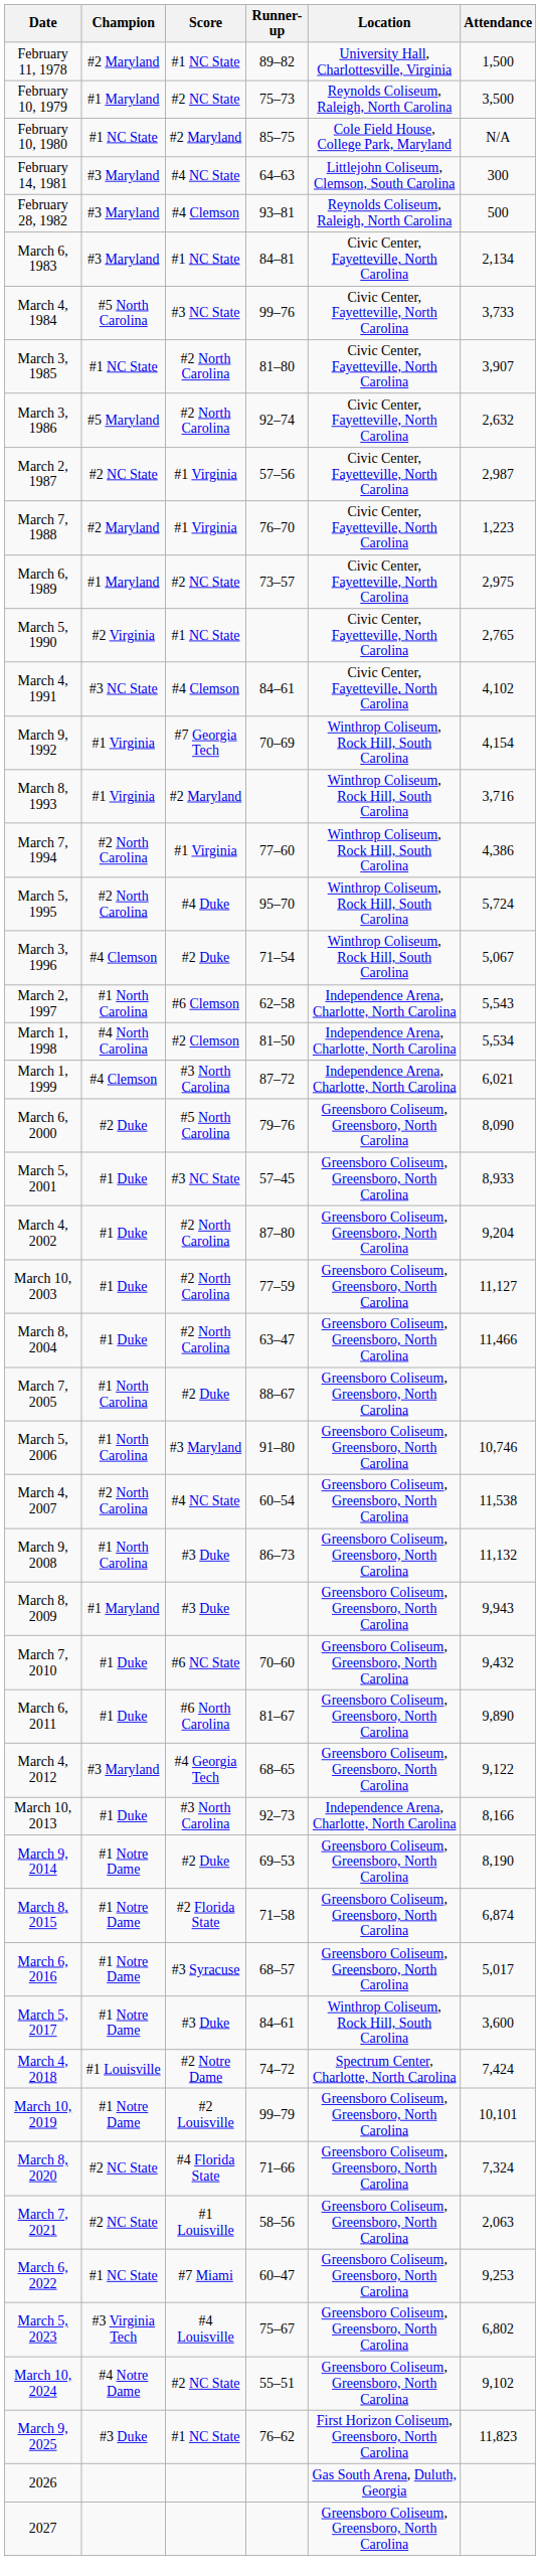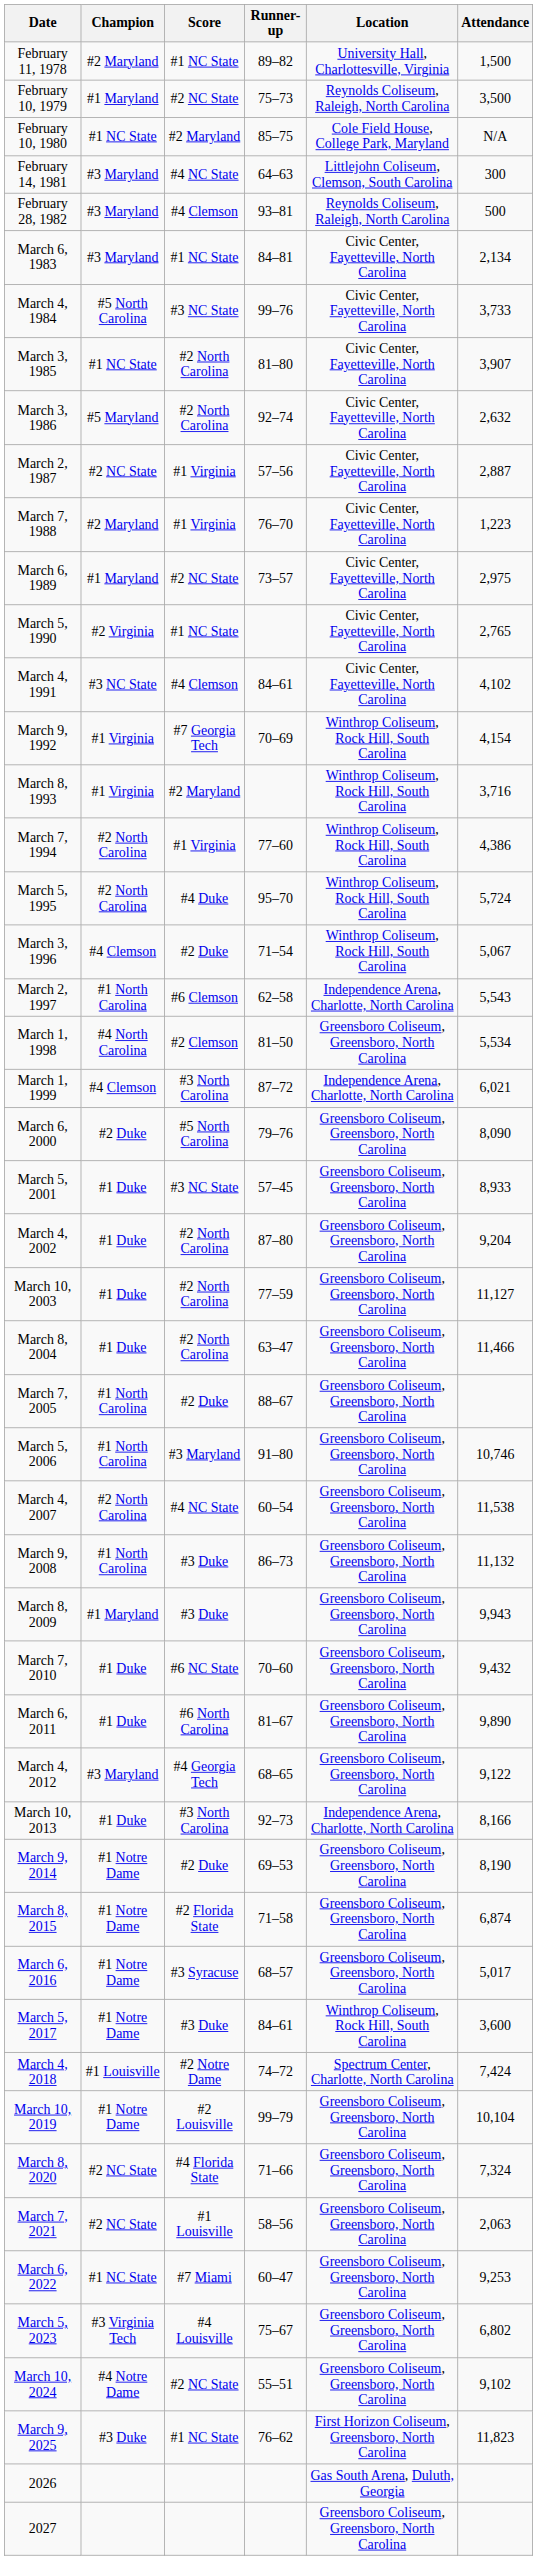 <table class="wikitable sortable" style="text-align:center">
 <tr>
 <th width=px>Date</th>
 <th width=px>Champion</th>
 <th width=px>Score</th>
 <th width=px>Runner-up</th>
 <th width=px>Location</th>
 <th width=px>Attendance</th>
 </tr>
 <tr>
 <td>February 11, 1978</td>
 <td>#2 <a href='#'>Maryland</a></td>
 <td>#1 <a href='#'>NC State</a></td>
 <td>89–82</td>
 <td><a href='#'>University Hall</a>, <br><a href='#'>Charlottesville, Virginia</a></td>
 <td>1,500</td>
 </tr>
 <tr>
 <td>February 10, 1979</td>
 <td>#1 <a href='#'>Maryland</a></td>
 <td>#2 <a href='#'>NC State</a></td>
 <td>75–73</td>
 <td><a href='#'>Reynolds Coliseum</a>, <br><a href='#'>Raleigh, North Carolina</a></td>
 <td>3,500</td>
 </tr>
 <tr>
 <td>February 10, 1980</td>
 <td>#1 <a href='#'>NC State</a></td>
 <td>#2 <a href='#'>Maryland</a></td>
 <td>85–75</td>
 <td><a href='#'>Cole Field House</a>,<br> <a href='#'>College Park, Maryland</a></td>
 <td>N/A</td>
 </tr>
 <tr>
 <td>February 14, 1981</td>
 <td>#3 <a href='#'>Maryland</a></td>
 <td>#4 <a href='#'>NC State</a></td>
 <td>64–63</td>
 <td><a href='#'>Littlejohn Coliseum</a>,<br> <a href='#'>Clemson, South Carolina</a></td>
 <td>300</td>
 </tr>
 <tr>
 <td>February 28, 1982</td>
 <td>#3 <a href='#'>Maryland</a></td>
 <td>#4 <a href='#'>Clemson</a></td>
 <td>93–81</td>
 <td><a href='#'>Reynolds Coliseum</a>, <br><a href='#'>Raleigh, North Carolina</a></td>
 <td>500</td>
 </tr>
 <tr>
 <td>March 6, 1983</td>
 <td>#3 <a href='#'>Maryland</a></td>
 <td>#1 <a href='#'>NC State</a></td>
 <td>84–81</td>
 <td>Civic Center, <br><a href='#'>Fayetteville, North Carolina</a></td>
 <td>2,134</td>
 </tr>
 <tr>
 <td>March 4, 1984</td>
 <td>#5 <a href='#'>North Carolina</a></td>
 <td>#3 <a href='#'>NC State</a></td>
 <td>99–76</td>
 <td>Civic Center, <br><a href='#'>Fayetteville, North Carolina</a></td>
 <td>3,733</td>
 </tr>
 <tr>
 <td>March 3, 1985</td>
 <td>#1 <a href='#'>NC State</a></td>
 <td>#2 <a href='#'>North Carolina</a></td>
 <td>81–80</td>
 <td>Civic Center,<br> <a href='#'>Fayetteville, North Carolina</a></td>
 <td>3,907</td>
 </tr>
 <tr>
 <td>March 3, 1986</td>
 <td>#5 <a href='#'>Maryland</a></td>
 <td>#2 <a href='#'>North Carolina</a></td>
 <td>92–74</td>
 <td>Civic Center,<br> <a href='#'>Fayetteville, North Carolina</a></td>
 <td>2,632</td>
 </tr>
 <tr>
 <td>March 2, 1987</td>
 <td>#2 <a href='#'>NC State</a></td>
 <td>#1 <a href='#'>Virginia</a></td>
 <td>57–56</td>
 <td>Civic Center,<br> <a href='#'>Fayetteville, North Carolina</a></td>
-<td>2,987</td>
+<td>2,887</td>
 </tr>
 <tr>
 <td>March 7, 1988</td>
 <td>#2 <a href='#'>Maryland</a></td>
 <td>#1 <a href='#'>Virginia</a></td>
 <td>76–70</td>
 <td>Civic Center, <br><a href='#'>Fayetteville, North Carolina</a></td>
 <td>1,223</td>
 </tr>
 <tr>
 <td>March 6, 1989</td>
 <td>#1 <a href='#'>Maryland</a></td>
 <td>#2 <a href='#'>NC State</a></td>
 <td>73–57</td>
 <td>Civic Center,<br> <a href='#'>Fayetteville, North Carolina</a></td>
 <td>2,975</td>
 </tr>
 <tr>
 <td>March 5, 1990</td>
 <td>#2 <a href='#'>Virginia</a></td>
 <td>#1 <a href='#'>NC State</a></td>
 <td></td>
 <td>Civic Center, <br><a href='#'>Fayetteville, North Carolina</a></td>
 <td>2,765</td>
 </tr>
 <tr>
 <td>March 4, 1991</td>
 <td>#3 <a href='#'>NC State</a></td>
 <td>#4 <a href='#'>Clemson</a></td>
 <td>84–61</td>
 <td>Civic Center,<br> <a href='#'>Fayetteville, North Carolina</a></td>
 <td>4,102</td>
 </tr>
 <tr>
 <td>March 9, 1992</td>
 <td>#1 <a href='#'>Virginia</a></td>
 <td>#7 <a href='#'>Georgia Tech</a></td>
 <td>70–69</td>
 <td><a href='#'>Winthrop Coliseum</a>, <br><a href='#'>Rock Hill, South Carolina</a></td>
 <td>4,154</td>
 </tr>
 <tr>
 <td>March 8, 1993</td>
 <td>#1 <a href='#'>Virginia</a></td>
 <td>#2 <a href='#'>Maryland</a></td>
 <td></td>
 <td><a href='#'>Winthrop Coliseum</a>, <br><a href='#'>Rock Hill, South Carolina</a></td>
 <td>3,716</td>
 </tr>
 <tr>
 <td>March 7, 1994</td>
 <td>#2 <a href='#'>North Carolina</a></td>
 <td>#1 <a href='#'>Virginia</a></td>
 <td>77–60</td>
 <td><a href='#'>Winthrop Coliseum</a>, <br><a href='#'>Rock Hill, South Carolina</a></td>
 <td>4,386</td>
 </tr>
 <tr>
 <td>March 5, 1995</td>
 <td>#2 <a href='#'>North Carolina</a></td>
 <td>#4 <a href='#'>Duke</a></td>
 <td>95–70</td>
 <td><a href='#'>Winthrop Coliseum</a>, <br><a href='#'>Rock Hill, South Carolina</a></td>
 <td>5,724</td>
 </tr>
 <tr>
 <td>March 3, 1996</td>
 <td>#4 <a href='#'>Clemson</a></td>
 <td>#2 <a href='#'>Duke</a></td>
 <td>71–54</td>
 <td><a href='#'>Winthrop Coliseum</a>,<br> <a href='#'>Rock Hill, South Carolina</a></td>
 <td>5,067</td>
 </tr>
 <tr>
 <td>March 2, 1997</td>
 <td>#1 <a href='#'>North Carolina</a></td>
 <td>#6 <a href='#'>Clemson</a></td>
 <td>62–58</td>
 <td><a href='#'>Independence Arena</a>, <br><a href='#'>Charlotte, North Carolina</a></td>
 <td>5,543</td>
 </tr>
 <tr>
 <td>March 1, 1998</td>
 <td>#4 <a href='#'>North Carolina</a></td>
 <td>#2 <a href='#'>Clemson</a></td>
 <td>81–50</td>
-<td><a href='#'>Independence Arena</a>,<br> <a href='#'>Charlotte, North Carolina</a></td>
+<td><a href='#'>Greensboro Coliseum</a>,<br><a href='#'>Greensboro, North Carolina</a></td>
 <td>5,534</td>
 </tr>
 <tr>
 <td>March 1, 1999</td>
 <td>#4 <a href='#'>Clemson</a></td>
 <td>#3 <a href='#'>North Carolina</a></td>
 <td>87–72</td>
 <td><a href='#'>Independence Arena</a>,<br><a href='#'>Charlotte, North Carolina</a></td>
 <td>6,021</td>
 </tr>
 <tr>
 <td>March 6, 2000</td>
 <td>#2 <a href='#'>Duke</a></td>
 <td>#5 <a href='#'>North Carolina</a></td>
 <td>79–76</td>
 <td><a href='#'>Greensboro Coliseum</a>,<br><a href='#'>Greensboro, North Carolina</a></td>
 <td>8,090</td>
 </tr>
 <tr>
 <td>March 5, 2001</td>
 <td>#1 <a href='#'>Duke</a></td>
 <td>#3 <a href='#'>NC State</a></td>
 <td>57–45</td>
 <td><a href='#'>Greensboro Coliseum</a>,<br><a href='#'>Greensboro, North Carolina</a></td>
 <td>8,933</td>
 </tr>
 <tr>
 <td>March 4, 2002</td>
 <td>#1 <a href='#'>Duke</a></td>
 <td>#2 <a href='#'>North Carolina</a></td>
 <td>87–80</td>
 <td><a href='#'>Greensboro Coliseum</a>,<br><a href='#'>Greensboro, North Carolina</a></td>
 <td>9,204</td>
 </tr>
 <tr>
 <td>March 10, 2003</td>
 <td>#1 <a href='#'>Duke</a></td>
 <td>#2 <a href='#'>North Carolina</a></td>
 <td>77–59</td>
 <td><a href='#'>Greensboro Coliseum</a>,<br><a href='#'>Greensboro, North Carolina</a></td>
 <td>11,127</td>
 </tr>
 <tr>
 <td>March 8, 2004</td>
 <td>#1 <a href='#'>Duke</a></td>
 <td>#2 <a href='#'>North Carolina</a></td>
 <td>63–47</td>
 <td><a href='#'>Greensboro Coliseum</a>,<br><a href='#'>Greensboro, North Carolina</a></td>
 <td>11,466</td>
 </tr>
 <tr>
 <td>March 7, 2005</td>
 <td>#1 <a href='#'>North Carolina</a></td>
 <td>#2 <a href='#'>Duke</a></td>
 <td>88–67</td>
 <td><a href='#'>Greensboro Coliseum</a>,<br><a href='#'>Greensboro, North Carolina</a></td>
 <td></td>
 </tr>
 <tr>
 <td>March 5, 2006</td>
 <td>#1 <a href='#'>North Carolina</a></td>
 <td>#3 <a href='#'>Maryland</a></td>
 <td>91–80</td>
 <td><a href='#'>Greensboro Coliseum</a>,<br><a href='#'>Greensboro, North Carolina</a></td>
 <td>10,746</td>
 </tr>
 <tr>
 <td>March 4, 2007</td>
 <td>#2 <a href='#'>North Carolina</a></td>
 <td>#4 <a href='#'>NC State</a></td>
 <td>60–54</td>
 <td><a href='#'>Greensboro Coliseum</a>,<br><a href='#'>Greensboro, North Carolina</a></td>
 <td>11,538</td>
 </tr>
 <tr>
 <td>March 9, 2008</td>
 <td>#1 <a href='#'>North Carolina</a></td>
 <td>#3 <a href='#'>Duke</a></td>
 <td>86–73</td>
 <td><a href='#'>Greensboro Coliseum</a>,<br><a href='#'>Greensboro, North Carolina</a></td>
 <td>11,132</td>
 </tr>
 <tr>
 <td>March 8, 2009</td>
 <td>#1 <a href='#'>Maryland</a></td>
 <td>#3 <a href='#'>Duke</a></td>
 <td></td>
 <td><a href='#'>Greensboro Coliseum</a>,<br><a href='#'>Greensboro, North Carolina</a></td>
 <td>9,943</td>
 </tr>
 <tr>
 <td>March 7, 2010</td>
 <td>#1 <a href='#'>Duke</a></td>
 <td>#6 <a href='#'>NC State</a></td>
 <td>70–60</td>
 <td><a href='#'>Greensboro Coliseum</a>,<br><a href='#'>Greensboro, North Carolina</a></td>
 <td>9,432</td>
 </tr>
 <tr>
 <td>March 6, 2011</td>
 <td>#1 <a href='#'>Duke</a></td>
 <td>#6 <a href='#'>North Carolina</a></td>
 <td>81–67</td>
 <td><a href='#'>Greensboro Coliseum</a>,<br><a href='#'>Greensboro, North Carolina</a></td>
 <td>9,890</td>
 </tr>
 <tr>
 <td>March 4, 2012</td>
 <td>#3 <a href='#'>Maryland</a></td>
 <td>#4 <a href='#'>Georgia Tech</a></td>
 <td>68–65</td>
 <td><a href='#'>Greensboro Coliseum</a>,<br><a href='#'>Greensboro, North Carolina</a></td>
 <td>9,122</td>
 </tr>
 <tr>
 <td>March 10, 2013</td>
 <td>#1 <a href='#'>Duke</a></td>
 <td>#3 <a href='#'>North Carolina</a></td>
 <td>92–73</td>
 <td><a href='#'>Independence Arena</a>,<br><a href='#'>Charlotte, North Carolina</a></td>
 <td>8,166</td>
 </tr>
 <tr>
 <td><a href='#'>March 9, 2014</a></td>
 <td>#1 <a href='#'>Notre Dame</a></td>
 <td>#2 <a href='#'>Duke</a></td>
 <td>69–53</td>
 <td><a href='#'>Greensboro Coliseum</a>,<br><a href='#'>Greensboro, North Carolina</a></td>
 <td>8,190</td>
 </tr>
 <tr>
 <td><a href='#'>March 8, 2015</a></td>
 <td>#1 <a href='#'>Notre Dame</a></td>
 <td>#2 <a href='#'>Florida State</a></td>
 <td>71–58</td>
 <td><a href='#'>Greensboro Coliseum</a>,<br><a href='#'>Greensboro, North Carolina</a></td>
 <td>6,874</td>
 </tr>
 <tr>
 <td><a href='#'>March 6, 2016</a></td>
 <td>#1 <a href='#'>Notre Dame</a></td>
 <td>#3 <a href='#'>Syracuse</a></td>
 <td>68–57</td>
 <td><a href='#'>Greensboro Coliseum</a>,<br><a href='#'>Greensboro, North Carolina</a></td>
 <td>5,017</td>
 </tr>
 <tr>
 <td><a href='#'>March 5, 2017</a></td>
 <td>#1 <a href='#'>Notre Dame</a></td>
 <td>#3 <a href='#'>Duke</a></td>
 <td>84–61</td>
 <td><a href='#'>Winthrop Coliseum</a>, <br><a href='#'>Rock Hill, South Carolina</a></td>
 <td>3,600</td>
 </tr>
 <tr>
 <td><a href='#'>March 4, 2018</a></td>
 <td>#1 <a href='#'>Louisville</a></td>
 <td>#2 <a href='#'>Notre Dame</a></td>
 <td>74–72</td>
 <td><a href='#'>Spectrum Center</a>, <a href='#'>Charlotte, North Carolina</a></td>
 <td>7,424</td>
 </tr>
 <tr>
 <td><a href='#'>March 10, 2019</a></td>
 <td>#1 <a href='#'>Notre Dame</a></td>
 <td>#2 <a href='#'>Louisville</a></td>
 <td>99–79</td>
 <td><a href='#'>Greensboro Coliseum</a>,<br><a href='#'>Greensboro, North Carolina</a></td>
-<td>10,101</td>
+<td>10,104</td>
 </tr>
 <tr>
 <td><a href='#'>March 8, 2020</a></td>
 <td>#2 <a href='#'>NC State</a></td>
 <td>#4 <a href='#'>Florida State</a></td>
 <td>71–66</td>
 <td><a href='#'>Greensboro Coliseum</a>,<br><a href='#'>Greensboro, North Carolina</a></td>
 <td>7,324</td>
 </tr>
 <tr>
 <td><a href='#'>March 7, 2021</a></td>
 <td>#2 <a href='#'>NC State</a></td>
 <td>#1 <a href='#'>Louisville</a></td>
 <td>58–56</td>
 <td><a href='#'>Greensboro Coliseum</a>,<br><a href='#'>Greensboro, North Carolina</a></td>
 <td>2,063</td>
 </tr>
 <tr>
 <td><a href='#'>March 6, 2022</a></td>
 <td>#1 <a href='#'>NC State</a></td>
 <td>#7 <a href='#'>Miami</a></td>
 <td>60–47</td>
 <td><a href='#'>Greensboro Coliseum</a>,<br><a href='#'>Greensboro, North Carolina</a></td>
 <td>9,253</td>
 </tr>
 <tr>
 <td><a href='#'>March 5, 2023</a></td>
 <td>#3 <a href='#'>Virginia Tech</a></td>
 <td>#4 <a href='#'>Louisville</a></td>
 <td>75–67</td>
 <td><a href='#'>Greensboro Coliseum</a>,<br><a href='#'>Greensboro, North Carolina</a></td>
 <td>6,802</td>
 </tr>
 <tr>
 <td><a href='#'>March 10, 2024</a></td>
 <td>#4 <a href='#'>Notre Dame</a></td>
 <td>#2 <a href='#'>NC State</a></td>
 <td>55–51</td>
 <td><a href='#'>Greensboro Coliseum</a>,<br><a href='#'>Greensboro, North Carolina</a></td>
 <td>9,102</td>
 </tr>
 <tr>
 <td><a href='#'>March 9, 2025</a></td>
 <td>#3 <a href='#'>Duke</a></td>
 <td>#1 <a href='#'>NC State</a></td>
 <td>76–62</td>
 <td><a href='#'>First Horizon Coliseum</a>,<br><a href='#'>Greensboro, North Carolina</a></td>
 <td>11,823</td>
 </tr>
 <tr>
 <td>2026</td>
 <td></td>
 <td></td>
 <td></td>
 <td><a href='#'>Gas South Arena</a>, <a href='#'>Duluth, Georgia</a></td>
 <td></td>
 </tr>
 <tr>
 <td>2027</td>
 <td></td>
 <td></td>
 <td></td>
 <td><a href='#'>Greensboro Coliseum</a>,<br><a href='#'>Greensboro, North Carolina</a></td>
 <td></td>
 </tr>
 </table>
